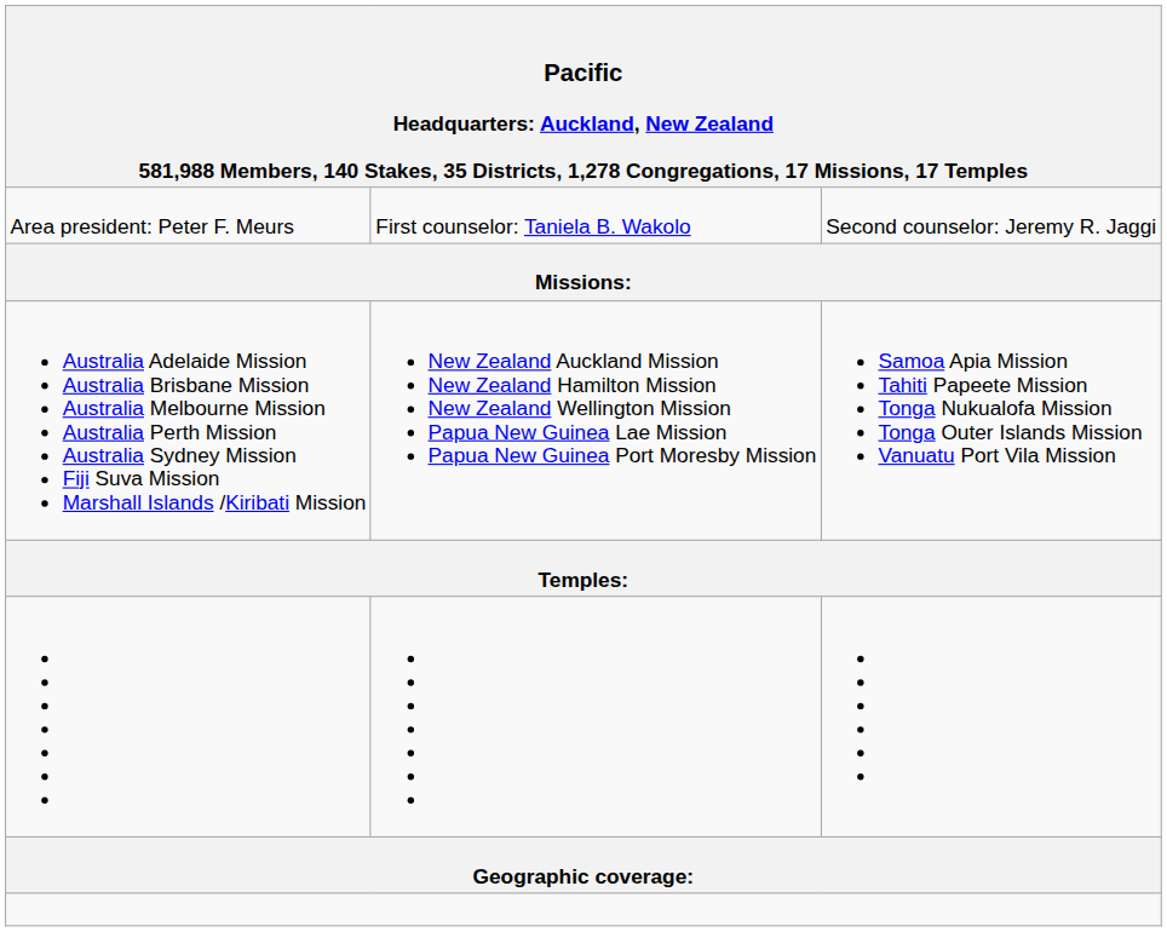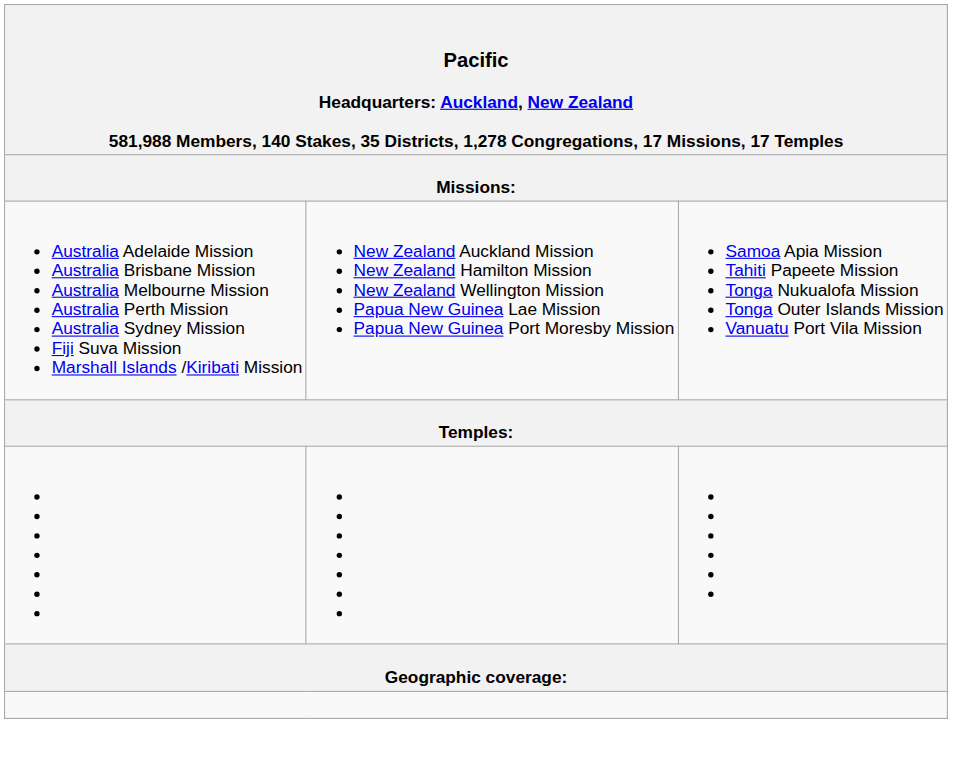 <table class=wikitable>
 <tr>
 <th colspan=3><br><h3>Pacific</h3>Headquarters:  <a href='#'>Auckland</a>, <a href='#'>New Zealand</a><br><br>581,988 Members, 140 Stakes, 35 Districts, 1,278 Congregations, 17 Missions, 17 Temples</th>
-</tr>
-<tr>
-<td style="vertical-align:top"><br>Area president: Peter F. Meurs</td>
-<td style="vertical-align:top"><br>First counselor: <a href='#'>Taniela B. Wakolo</a></td>
-<td style="vertical-align:top"><br>Second counselor: Jeremy R. Jaggi</td>
 </tr>
 <tr>
 <th colspan=3><br>Missions:</th>
 </tr>
 <tr>
 <td style="vertical-align:top"><br><ul><li><a href='#'>Australia</a> Adelaide Mission</li><li><a href='#'>Australia</a> Brisbane Mission</li><li><a href='#'>Australia</a> Melbourne Mission</li><li><a href='#'>Australia</a> Perth Mission</li><li><a href='#'>Australia</a> Sydney Mission</li><li><a href='#'>Fiji</a> Suva Mission</li><li><a href='#'>Marshall Islands</a> /<a href='#'>Kiribati</a> Mission</li></ul></td>
 <td style="vertical-align:top"><br><ul><li><a href='#'>New Zealand</a> Auckland Mission</li><li><a href='#'>New Zealand</a> Hamilton Mission</li><li><a href='#'>New Zealand</a> Wellington Mission</li><li><a href='#'>Papua New Guinea</a> Lae Mission</li><li><a href='#'>Papua New Guinea</a> Port Moresby Mission</li></ul></td>
 <td style="vertical-align:top"><br><ul><li><a href='#'>Samoa</a> Apia Mission</li><li><a href='#'>Tahiti</a> Papeete Mission</li><li><a href='#'>Tonga</a> Nukualofa Mission</li><li><a href='#'>Tonga</a> Outer Islands Mission</li><li><a href='#'>Vanuatu</a> Port Vila Mission</li></ul></td>
 </tr>
 <tr>
 <th colspan=3><br>Temples:</th>
 </tr>
 <tr>
 <td style="vertical-align:top"><br><ul><li></li><li></li><li></li><li></li><li></li><li></li><li></li></ul></td>
 <td style="vertical-align:top"><br><ul><li></li><li></li><li></li><li></li><li></li><li></li><li></li></ul></td>
 <td style="vertical-align:top"><br><ul><li></li><li></li><li></li><li></li><li></li><li></li></ul></td>
 </tr>
 <tr>
 <th colspan=3><br>Geographic coverage:</th>
 </tr>
 <tr>
 <td style="vertical-align:top" colspan=3><br></td>
 </tr>
 </table>
